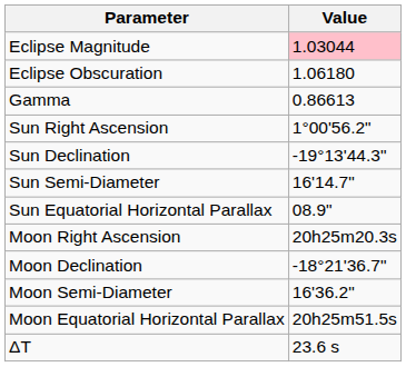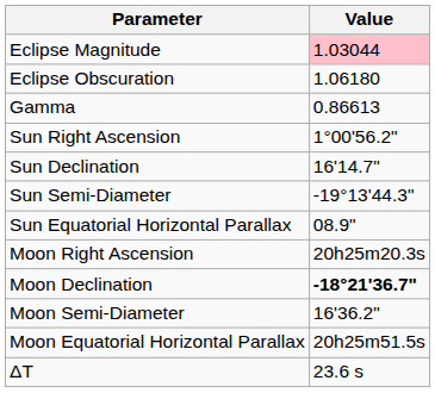 <table class="wikitable">
 <tr>
 <th>Parameter</th>
 <th>Value</th>
 </tr>
 <tr>
 <td>Eclipse Magnitude</td>
 <td style="background: pink;">1.03044</td>
 </tr>
 <tr>
 <td>Eclipse Obscuration</td>
 <td>1.06180</td>
 </tr>
 <tr>
 <td>Gamma</td>
 <td>0.86613</td>
 </tr>
 <tr>
 <td>Sun Right Ascension</td>
 <td>1°00'56.2"</td>
 </tr>
 <tr>
 <td>Sun Declination</td>
-<td>-19°13'44.3"</td>
+<td>16'14.7"</td>
 </tr>
 <tr>
 <td>Sun Semi-Diameter</td>
-<td>16'14.7"</td>
+<td>-19°13'44.3"</td>
 </tr>
 <tr>
 <td>Sun Equatorial Horizontal Parallax</td>
 <td>08.9"</td>
 </tr>
 <tr>
 <td>Moon Right Ascension</td>
 <td>20h25m20.3s</td>
 </tr>
 <tr>
 <td>Moon Declination</td>
-<td>-18°21'36.7"</td>
+<td><strong>-18°21'36.7"</strong></td>
 </tr>
 <tr>
 <td>Moon Semi-Diameter</td>
 <td>16'36.2"</td>
 </tr>
 <tr>
 <td>Moon Equatorial Horizontal Parallax</td>
 <td>20h25m51.5s</td>
 </tr>
 <tr>
 <td>ΔT</td>
 <td>23.6 s</td>
 </tr>
 </table>
